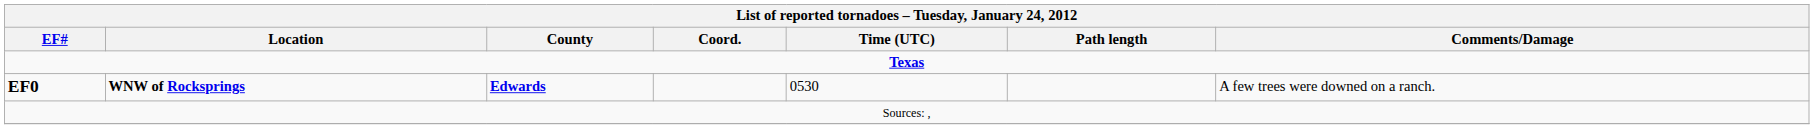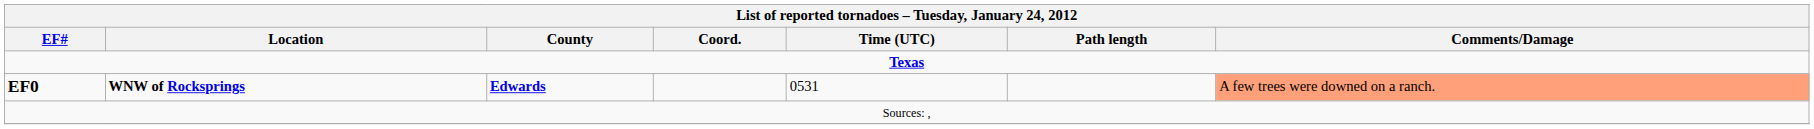 <table class="wikitable collapsible" width="100%">
 <tr>
 <th colspan="7">List of reported tornadoes – Tuesday, January 24, 2012</th>
 </tr>
 <tr>
 <th><a href='#'>EF#</a></th>
 <th>Location</th>
 <th>County</th>
 <th>Coord.</th>
 <th>Time (UTC)</th>
 <th>Path length</th>
 <th>Comments/Damage</th>
 </tr>
 <tr>
 <td colspan="7" align=center><strong><a href='#'>Texas</a></strong></td>
 </tr>
 <tr>
 <td><big><strong>EF0</strong></big></td>
 <td><strong>WNW of <a href='#'>Rocksprings</a></strong></td>
 <td><strong><a href='#'>Edwards</a></strong></td>
 <td></td>
-<td>0530</td>
+<td>0531</td>
 <td></td>
-<td>A few trees were downed on a ranch.</td>
+<td style="background: lightsalmon;">A few trees were downed on a ranch.</td>
 </tr>
 <tr>
 <td colspan="7" align=center><small>Sources: , </small></td>
 </tr>
 <tr>
 </tr>
 </table>
